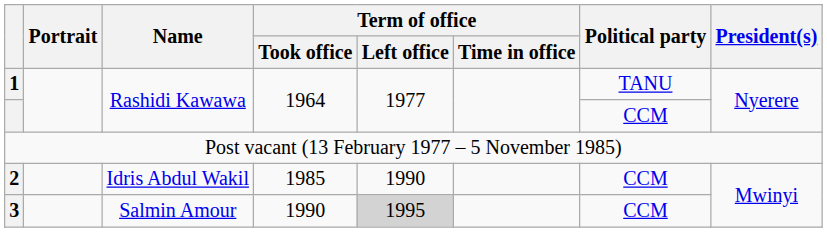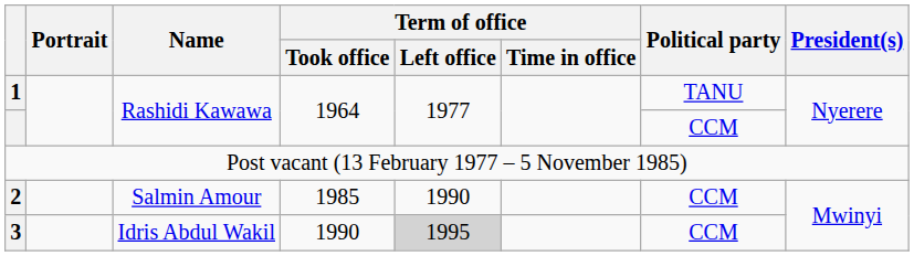 <table class="wikitable" style="text-align:center">
 <tr>
 <th rowspan="2"></th>
 <th rowspan="2">Portrait</th>
 <th rowspan="2">Name<br></th>
 <th colspan="3">Term of office</th>
 <th rowspan="2">Political party</th>
 <th rowspan="2"><a href='#'>President(s)</a></th>
 </tr>
 <tr>
 <th>Took office</th>
 <th>Left office</th>
 <th>Time in office</th>
 </tr>
 <tr>
 <th style="background:">1</th>
 <td rowspan=2></td>
 <td rowspan=2><a href='#'>Rashidi Kawawa</a><br></td>
 <td rowspan=2> 1964</td>
 <td rowspan=2> 1977</td>
 <td rowspan=2></td>
 <td><a href='#'>TANU</a><br></td>
 <td rowspan=2><a href='#'>Nyerere</a></td>
 </tr>
 <tr>
 <th style="background:"></th>
 <td><a href='#'>CCM</a></td>
 </tr>
 <tr>
 <td colspan="8">Post vacant (13 February 1977 – 5 November 1985)</td>
 </tr>
 <tr>
 <th style="background:">2</th>
 <td></td>
-<td><a href='#'>Idris Abdul Wakil</a><br></td>
+<td><a href='#'>Salmin Amour</a><br></td>
 <td> 1985</td>
 <td> 1990</td>
 <td></td>
 <td><a href='#'>CCM</a></td>
 <td rowspan=2><a href='#'>Mwinyi</a></td>
 </tr>
 <tr>
 <th style="background:">3</th>
 <td></td>
-<td><a href='#'>Salmin Amour</a><br></td>
+<td><a href='#'>Idris Abdul Wakil</a><br></td>
 <td> 1990</td>
 <td style="background: lightgrey;"> 1995</td>
 <td></td>
 <td><a href='#'>CCM</a></td>
 </tr>
 </table>
